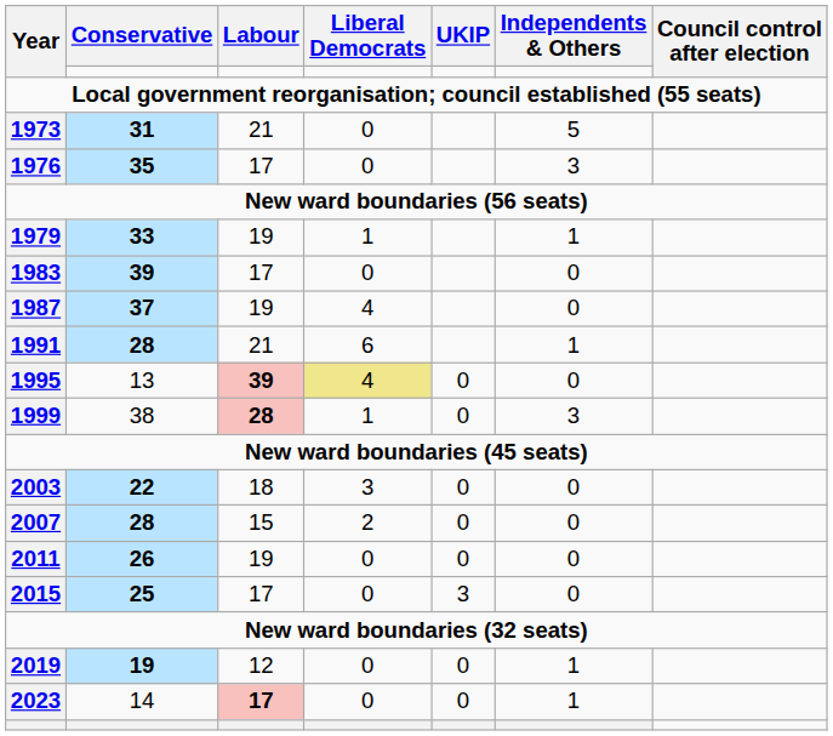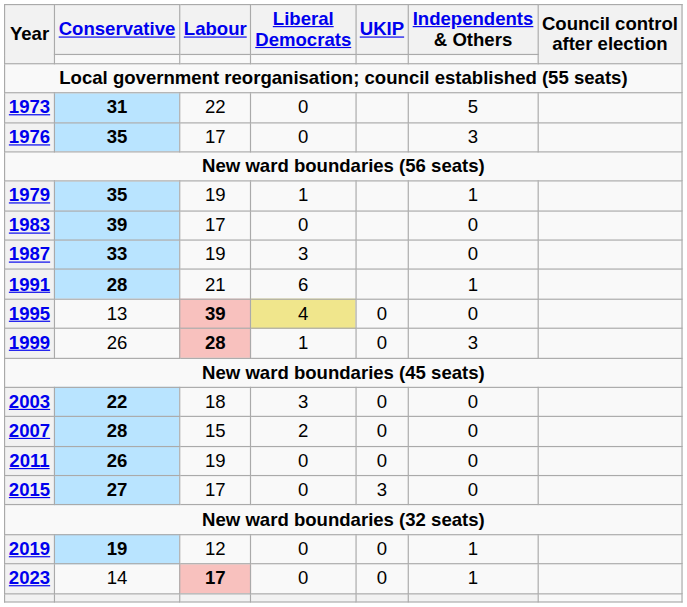 <table class="wikitable plainrowheaders" style="text-align:center">
 <tr>
 <th scope="col" rowspan="2">Year</th>
 <th scope="col"><a href='#'>Conservative</a></th>
 <th scope="col"><a href='#'>Labour</a></th>
 <th scope="col" style="width:1px"><a href='#'>Liberal Democrats</a></th>
 <th scope="col"><a href='#'>UKIP</a></th>
 <th scope="col"><a href='#'>Independents</a><br>& Others</th>
 <th scope="col" rowspan="2" colspan="2">Council control<br>after election</th>
 </tr>
 <tr>
 <td style="background:"></td>
 <td style="background:"></td>
 <td style="background:"></td>
 <td style="background:"></td>
 <td style="background:"></td>
 </tr>
 <tr>
 <td colspan="9"><strong>Local government reorganisation; council established (55 seats)</strong></td>
 </tr>
 <tr>
 <th scope="row"><a href='#'>1973</a></th>
 <td style="background:#B9E4FF;"><strong>31</strong></td>
-<td>21</td>
+<td>22</td>
 <td>0</td>
 <td></td>
 <td>5</td>
 <td></td>
 </tr>
 <tr>
 <th scope="row"><a href='#'>1976</a></th>
 <td style="background:#B9E4FF;"><strong>35</strong></td>
 <td>17</td>
 <td>0</td>
 <td></td>
 <td>3</td>
 <td></td>
 </tr>
 <tr>
 <td colspan="9"><strong>New ward boundaries (56 seats)</strong></td>
 </tr>
 <tr>
 <th scope="row"><a href='#'>1979</a></th>
-<td style="background:#B9E4FF;"><strong>33</strong></td>
+<td style="background:#B9E4FF;"><strong>35</strong></td>
 <td>19</td>
 <td>1</td>
 <td></td>
 <td>1</td>
 <td></td>
 </tr>
 <tr>
 <th scope="row"><a href='#'>1983</a></th>
 <td style="background:#B9E4FF;"><strong>39</strong></td>
 <td>17</td>
 <td>0</td>
 <td></td>
 <td>0</td>
 <td></td>
 </tr>
 <tr>
 <th scope="row"><a href='#'>1987</a></th>
-<td style="background:#B9E4FF;"><strong>37</strong></td>
+<td style="background:#B9E4FF;"><strong>33</strong></td>
 <td>19</td>
-<td>4</td>
+<td>3</td>
 <td></td>
 <td>0</td>
 <td></td>
 </tr>
 <tr>
 <th scope="row"><a href='#'>1991</a></th>
 <td style="background:#B9E4FF;"><strong>28</strong></td>
 <td>21</td>
 <td>6</td>
 <td></td>
 <td>1</td>
 <td></td>
 </tr>
 <tr>
 <th scope="row"><a href='#'>1995</a></th>
 <td>13</td>
 <td style="background:#F8C1BE;"><strong>39</strong></td>
 <td style="background: khaki;">4</td>
 <td>0</td>
 <td>0</td>
 <td></td>
 </tr>
 <tr>
 <th scope="row"><a href='#'>1999</a></th>
-<td>38</td>
+<td>26</td>
 <td style="background:#F8C1BE;"><strong>28</strong></td>
 <td>1</td>
 <td>0</td>
 <td>3</td>
 <td></td>
 </tr>
 <tr>
 <td colspan="9"><strong>New ward boundaries (45 seats)</strong></td>
 </tr>
 <tr>
 <th scope="row"><a href='#'>2003</a></th>
 <td style="background:#B9E4FF;"><strong>22</strong></td>
 <td>18</td>
 <td>3</td>
 <td>0</td>
 <td>0</td>
 <td></td>
 </tr>
 <tr>
 <th scope="row"><a href='#'>2007</a></th>
 <td style="background:#B9E4FF;"><strong>28</strong></td>
 <td>15</td>
 <td>2</td>
 <td>0</td>
 <td>0</td>
 <td></td>
 </tr>
 <tr>
 <th scope="row"><a href='#'>2011</a></th>
 <td style="background:#B9E4FF;"><strong>26</strong></td>
 <td>19</td>
 <td>0</td>
 <td>0</td>
 <td>0</td>
 <td></td>
 </tr>
 <tr>
 <th scope="row"><a href='#'>2015</a></th>
-<td style="background:#B9E4FF;"><strong>25</strong></td>
+<td style="background:#B9E4FF;"><strong>27</strong></td>
 <td>17</td>
 <td>0</td>
 <td>3</td>
 <td>0</td>
 <td></td>
 </tr>
 <tr>
 <td colspan="9"><strong>New ward boundaries (32 seats)</strong></td>
 </tr>
 <tr>
 <th scope="row"><a href='#'>2019</a></th>
 <td style="background:#B9E4FF;"><strong>19</strong></td>
 <td>12</td>
 <td>0</td>
 <td>0</td>
 <td>1</td>
 <td></td>
 </tr>
 <tr>
 <th scope="row"><a href='#'>2023</a></th>
 <td>14</td>
 <td style="background:#F8C1BE;"><strong>17</strong></td>
 <td>0</td>
 <td>0</td>
 <td>1</td>
 <td></td>
 </tr>
 <tr>
 <th></th>
 <th style="background-color: "></th>
 <th style="background-color: "></th>
 <th style="background-color: "></th>
 <th style="background-color: "></th>
 <th style="background-color: "></th>
 </tr>
 </table>
